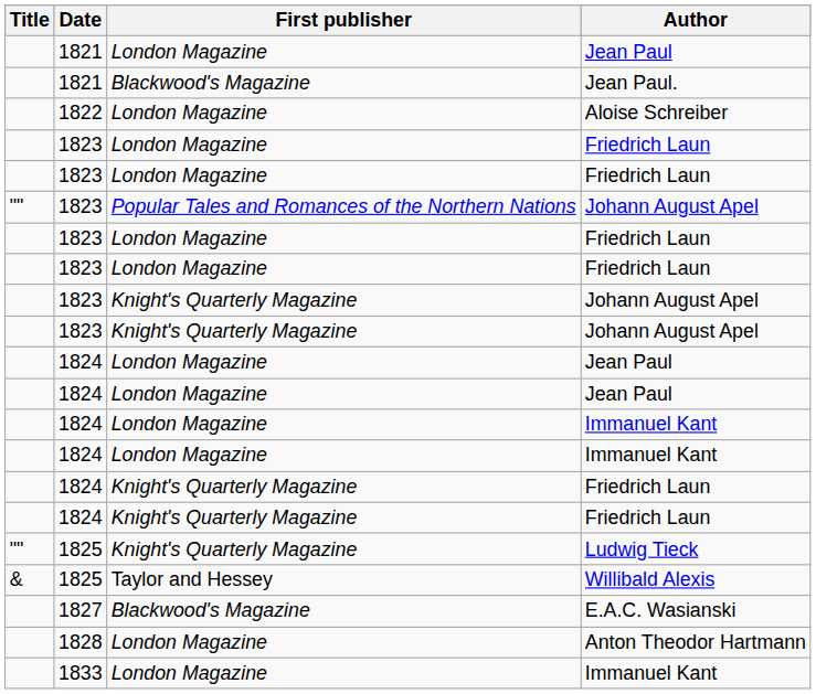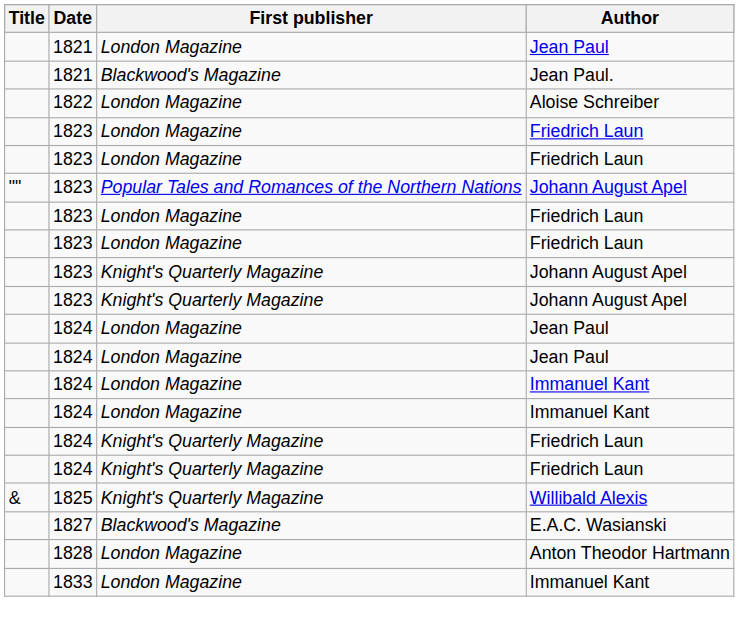 <table class="wikitable sortable" align="center" cellpadding="7" style="clear:both;">
 <tr align="center" bgcolor="#696969">
 <th><div>Title</div></th>
 <th><div>Date</div></th>
 <th><div>First publisher</div></th>
 <th><div>Author</div></th>
 </tr>
 <tr valign="top">
 <td></td>
 <td>1821</td>
 <td><em>London Magazine</em></td>
 <td><a href='#'>Jean Paul</a></td>
 </tr>
 <tr valign="top">
 <td></td>
 <td>1821</td>
 <td><em>Blackwood's Magazine</em></td>
 <td>Jean Paul.</td>
 </tr>
 <tr valign="top|">
 <td></td>
 <td>1822</td>
 <td><em>London Magazine</em></td>
 <td>Aloise Schreiber</td>
 </tr>
 <tr valign="top">
 <td></td>
 <td>1823</td>
 <td><em>London Magazine</em></td>
 <td><a href='#'>Friedrich Laun</a></td>
 </tr>
 <tr valign="top">
 <td></td>
 <td>1823</td>
 <td><em>London Magazine</em></td>
 <td>Friedrich Laun</td>
 </tr>
 <tr valign="top">
 <td>""</td>
 <td>1823</td>
 <td><em><a href='#'>Popular Tales and Romances of the Northern Nations</a></em></td>
 <td><a href='#'>Johann August Apel</a></td>
 </tr>
 <tr valign="top">
 <td></td>
 <td>1823</td>
 <td><em>London Magazine</em></td>
 <td>Friedrich Laun</td>
 </tr>
 <tr valign="top">
 <td></td>
 <td>1823</td>
 <td><em>London Magazine</em></td>
 <td>Friedrich Laun</td>
 </tr>
 <tr valign="top">
 <td></td>
 <td>1823</td>
 <td><em>Knight's Quarterly Magazine</em></td>
 <td>Johann August Apel</td>
 </tr>
 <tr valign="top">
 <td></td>
 <td>1823</td>
 <td><em>Knight's Quarterly Magazine</em></td>
 <td>Johann August Apel</td>
 </tr>
 <tr valign="top">
 <td></td>
 <td>1824</td>
 <td><em>London Magazine</em></td>
 <td>Jean Paul</td>
 </tr>
 <tr valign="top">
 <td></td>
 <td>1824</td>
 <td><em>London Magazine</em></td>
 <td>Jean Paul</td>
 </tr>
 <tr valign="top">
 <td></td>
 <td>1824</td>
 <td><em>London Magazine</em></td>
 <td><a href='#'>Immanuel Kant</a></td>
 </tr>
 <tr valign="top">
 <td></td>
 <td>1824</td>
 <td><em>London Magazine</em></td>
 <td>Immanuel Kant</td>
 </tr>
 <tr valign="top">
 <td></td>
 <td>1824</td>
 <td><em>Knight's Quarterly Magazine</em></td>
 <td>Friedrich Laun</td>
 </tr>
 <tr valign="top">
 <td></td>
 <td>1824</td>
 <td><em>Knight's Quarterly Magazine</em></td>
 <td>Friedrich Laun</td>
 </tr>
 <tr valign="top">
-<td>""</td>
+<td> & </td>
 <td>1825</td>
 <td><em>Knight's Quarterly Magazine</em></td>
-<td><a href='#'>Ludwig Tieck</a></td>
-</tr>
-<tr valign="top">
-<td> & </td>
-<td>1825</td>
-<td>Taylor and Hessey</td>
 <td><a href='#'>Willibald Alexis</a></td>
 </tr>
 <tr valign="top">
 <td></td>
 <td>1827</td>
 <td><em>Blackwood's Magazine</em></td>
 <td>E.A.C. Wasianski</td>
 </tr>
 <tr valign="top">
 <td></td>
 <td>1828</td>
 <td><em>London Magazine</em></td>
 <td>Anton Theodor Hartmann</td>
 </tr>
 <tr valign="top">
 <td></td>
 <td>1833</td>
 <td><em>London Magazine</em></td>
 <td>Immanuel Kant</td>
 </tr>
 </table>
